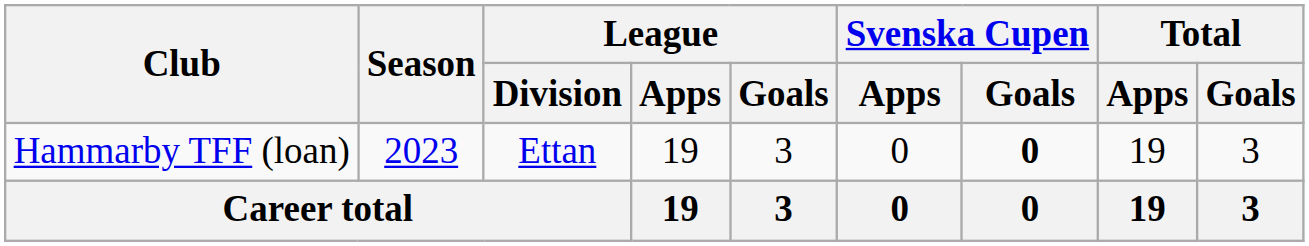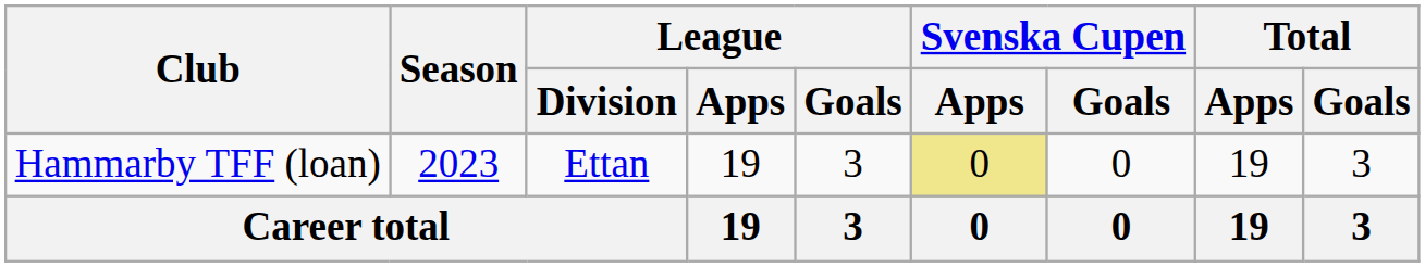 <table class="wikitable" style="text-align:center;">
 <tr>
 <th rowspan="2">Club</th>
 <th rowspan="2">Season</th>
 <th colspan="3">League</th>
 <th colspan="2"><a href='#'>Svenska Cupen</a></th>
 <th colspan="2">Total</th>
 </tr>
 <tr>
 <th>Division</th>
 <th>Apps</th>
 <th>Goals</th>
 <th>Apps</th>
 <th>Goals</th>
 <th>Apps</th>
 <th>Goals</th>
 </tr>
 <tr>
 <td><a href='#'>Hammarby TFF</a> (loan)</td>
 <td><a href='#'>2023</a></td>
 <td><a href='#'>Ettan</a></td>
 <td>19</td>
 <td>3</td>
+<td style="background: khaki;">0</td>
 <td>0</td>
-<td><strong>0</strong></td>
 <td>19</td>
 <td>3</td>
 </tr>
 <tr>
 <th colspan="3">Career total</th>
 <th>19</th>
 <th>3</th>
 <th>0</th>
 <th>0</th>
 <th>19</th>
 <th>3</th>
 </tr>
 </table>
